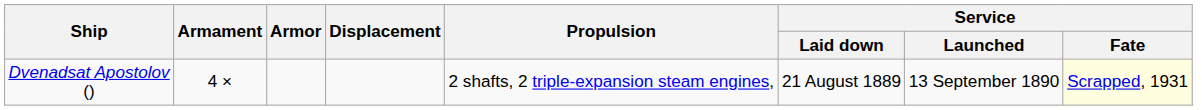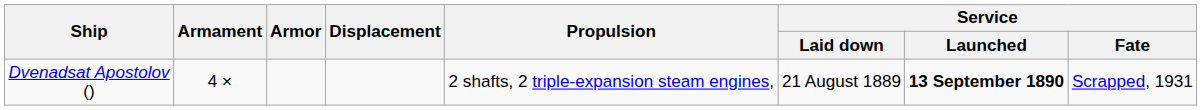 <table class="wikitable" style="text-align:center;">
 <tr>
 <th rowspan=2>Ship</th>
 <th rowspan=2>Armament</th>
 <th rowspan=2>Armor</th>
 <th rowspan=2>Displacement</th>
 <th rowspan=2>Propulsion</th>
 <th colspan=3>Service</th>
 </tr>
 <tr>
 <th>Laid down</th>
 <th>Launched</th>
 <th>Fate</th>
 </tr>
 <tr>
 <td><em><a href='#'>Dvenadsat Apostolov</a></em><br>()</td>
 <td>4 × </td>
 <td></td>
 <td></td>
 <td>2 shafts, 2 <a href='#'>triple-expansion steam engines</a>,</td>
 <td>21 August 1889</td>
-<td>13 September 1890</td>
-<td style="background: lightyellow;"><a href='#'>Scrapped</a>, 1931</td>
+<td><strong>13 September 1890</strong></td>
+<td><a href='#'>Scrapped</a>, 1931</td>
 </tr>
 </table>
